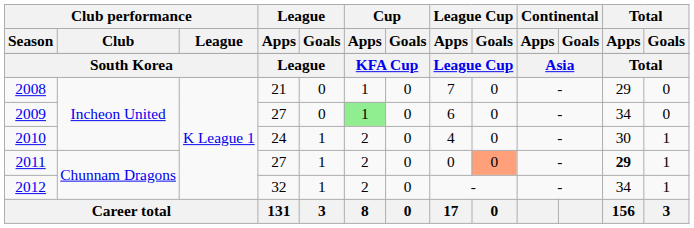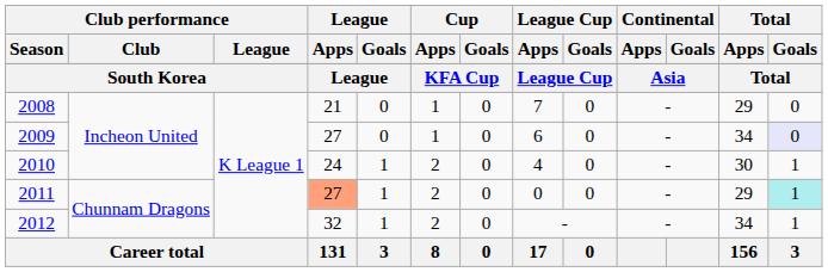 <table class="wikitable" style="text-align:center">
 <tr>
 <th colspan=3>Club performance</th>
 <th colspan=2>League</th>
 <th colspan=2>Cup</th>
 <th colspan=2>League Cup</th>
 <th colspan=2>Continental</th>
 <th colspan=2>Total</th>
 </tr>
 <tr>
 <th>Season</th>
 <th>Club</th>
 <th>League</th>
 <th>Apps</th>
 <th>Goals</th>
 <th>Apps</th>
 <th>Goals</th>
 <th>Apps</th>
 <th>Goals</th>
 <th>Apps</th>
 <th>Goals</th>
 <th>Apps</th>
 <th>Goals</th>
 </tr>
 <tr>
 </tr>
 <tr>
 <th colspan=3>South Korea</th>
 <th colspan=2>League</th>
 <th colspan=2><a href='#'>KFA Cup</a></th>
 <th colspan=2><a href='#'>League Cup</a></th>
 <th colspan=2><a href='#'>Asia</a></th>
 <th colspan=2>Total</th>
 </tr>
 <tr>
 <td><a href='#'>2008</a></td>
 <td rowspan="3"><a href='#'>Incheon United</a></td>
 <td rowspan="5"><a href='#'>K League 1</a></td>
 <td>21</td>
 <td>0</td>
 <td>1</td>
 <td>0</td>
 <td>7</td>
 <td>0</td>
 <td colspan="2">-</td>
 <td>29</td>
 <td>0</td>
 </tr>
 <tr>
 <td><a href='#'>2009</a></td>
 <td>27</td>
 <td>0</td>
-<td style="background: lightgreen;">1</td>
+<td>1</td>
 <td>0</td>
 <td>6</td>
 <td>0</td>
 <td colspan="2">-</td>
 <td>34</td>
-<td>0</td>
+<td style="background: lavender;">0</td>
 </tr>
 <tr>
 <td><a href='#'>2010</a></td>
 <td>24</td>
 <td>1</td>
 <td>2</td>
 <td>0</td>
 <td>4</td>
 <td>0</td>
 <td colspan="2">-</td>
 <td>30</td>
 <td>1</td>
 </tr>
 <tr>
 <td><a href='#'>2011</a></td>
 <td rowspan="2"><a href='#'>Chunnam Dragons</a></td>
-<td>27</td>
+<td style="background: lightsalmon;">27</td>
 <td>1</td>
 <td>2</td>
 <td>0</td>
 <td>0</td>
-<td style="background: lightsalmon;">0</td>
+<td>0</td>
 <td colspan="2">-</td>
-<td><strong>29</strong></td>
-<td>1</td>
+<td>29</td>
+<td style="background: paleturquoise;">1</td>
 </tr>
 <tr>
 <td><a href='#'>2012</a></td>
 <td>32</td>
 <td>1</td>
 <td>2</td>
 <td>0</td>
 <td colspan="2">-</td>
 <td colspan="2">-</td>
 <td>34</td>
 <td>1</td>
 </tr>
 <tr>
 <th colspan=3>Career total</th>
 <th>131</th>
 <th>3</th>
 <th>8</th>
 <th>0</th>
 <th>17</th>
 <th>0</th>
 <th></th>
 <th></th>
 <th>156</th>
 <th>3</th>
 </tr>
 </table>
